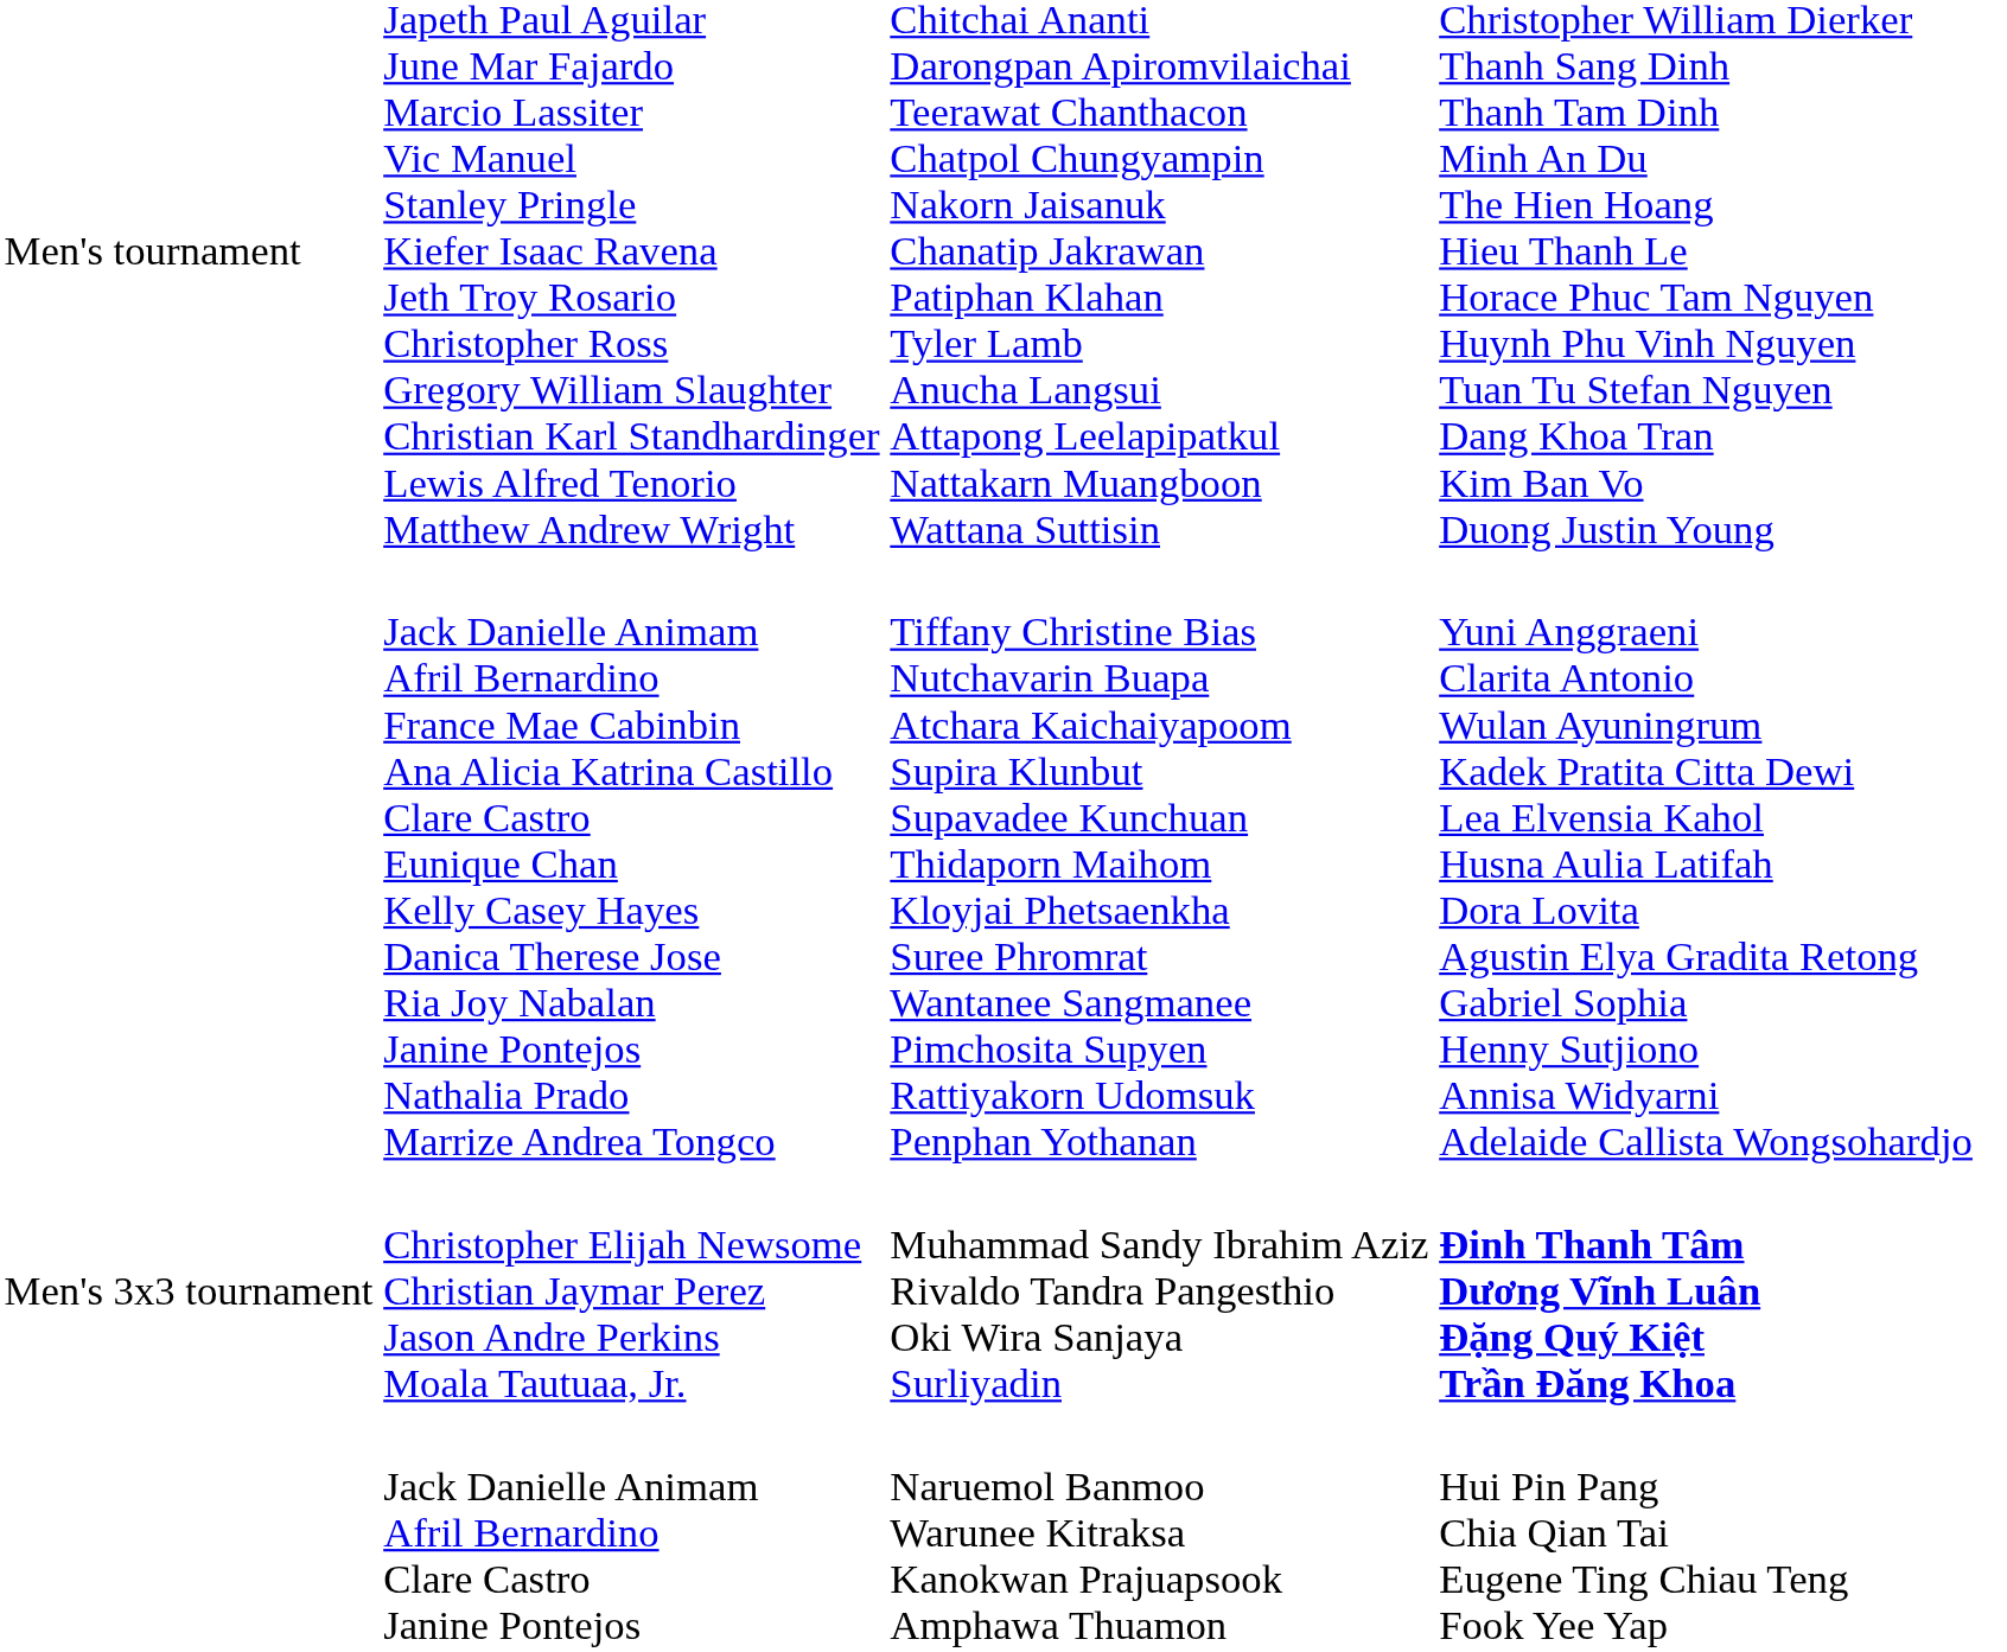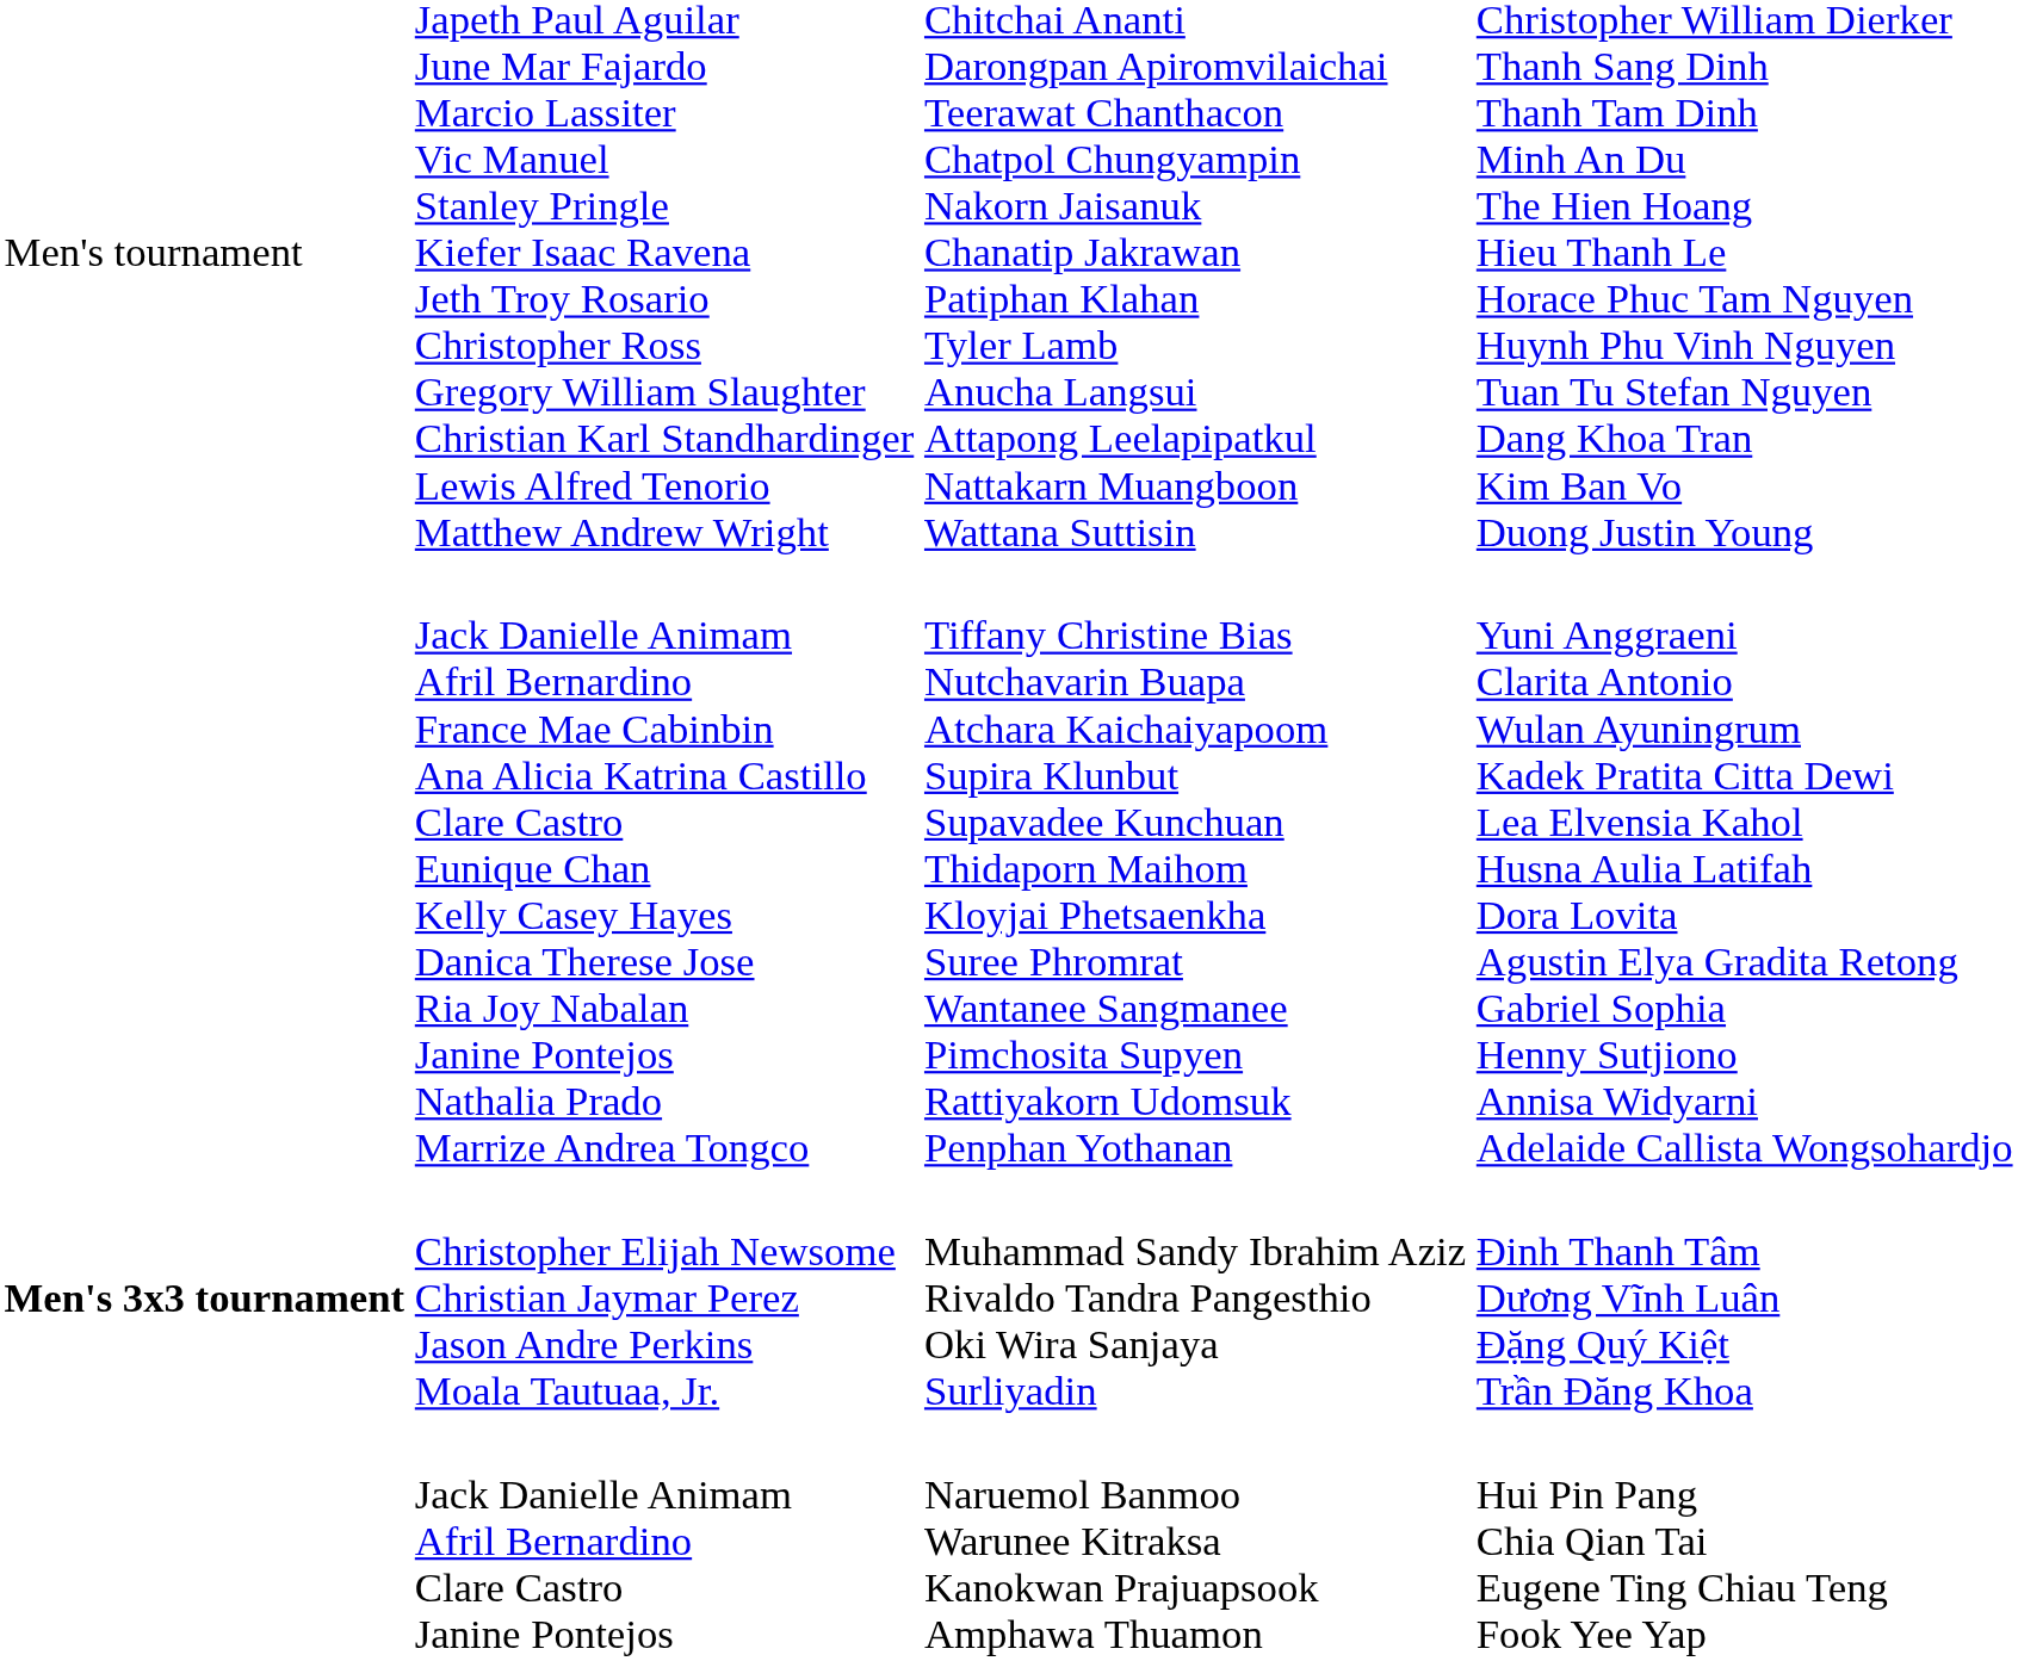 <table>
 <tr>
 <td>Men's tournament<br></td>
 <td nowrap=true> <br> <a href='#'>Japeth Paul Aguilar</a> <br> <a href='#'>June Mar Fajardo</a> <br> <a href='#'>Marcio Lassiter</a> <br> <a href='#'>Vic Manuel</a> <br> <a href='#'>Stanley Pringle</a> <br> <a href='#'>Kiefer Isaac Ravena</a> <br> <a href='#'>Jeth Troy Rosario</a> <br> <a href='#'>Christopher Ross</a> <br> <a href='#'>Gregory William Slaughter</a> <br> <a href='#'>Christian Karl Standhardinger</a> <br> <a href='#'>Lewis Alfred Tenorio</a> <br> <a href='#'>Matthew Andrew Wright</a></td>
 <td nowrap=true> <br> <a href='#'>Chitchai Ananti</a> <br> <a href='#'>Darongpan Apiromvilaichai</a> <br> <a href='#'>Teerawat Chanthacon</a> <br> <a href='#'>Chatpol Chungyampin</a> <br> <a href='#'>Nakorn Jaisanuk</a> <br> <a href='#'>Chanatip Jakrawan</a> <br> <a href='#'>Patiphan Klahan</a> <br> <a href='#'>Tyler Lamb</a> <br> <a href='#'>Anucha Langsui</a> <br> <a href='#'>Attapong Leelapipatkul</a> <br> <a href='#'>Nattakarn Muangboon</a> <br> <a href='#'>Wattana Suttisin</a></td>
 <td nowrap=true> <br> <a href='#'>Christopher William Dierker</a> <br> <a href='#'>Thanh Sang Dinh</a> <br> <a href='#'>Thanh Tam Dinh</a> <br> <a href='#'>Minh An Du</a> <br> <a href='#'>The Hien Hoang</a> <br> <a href='#'>Hieu Thanh Le</a> <br> <a href='#'>Horace Phuc Tam Nguyen</a> <br> <a href='#'>Huynh Phu Vinh Nguyen</a> <br> <a href='#'>Tuan Tu Stefan Nguyen</a> <br> <a href='#'>Dang Khoa Tran</a> <br> <a href='#'>Kim Ban Vo</a> <br> <a href='#'>Duong Justin Young</a></td>
 </tr>
 <tr>
 <td><br></td>
 <td nowrap=true> <br> <a href='#'>Jack Danielle Animam</a> <br> <a href='#'>Afril Bernardino</a> <br> <a href='#'>France Mae Cabinbin</a> <br> <a href='#'>Ana Alicia Katrina Castillo</a> <br> <a href='#'>Clare Castro</a> <br> <a href='#'>Eunique Chan</a> <br> <a href='#'>Kelly Casey Hayes</a> <br> <a href='#'>Danica Therese Jose</a> <br> <a href='#'>Ria Joy Nabalan</a> <br> <a href='#'>Janine Pontejos</a> <br> <a href='#'>Nathalia Prado</a> <br> <a href='#'>Marrize Andrea Tongco</a></td>
 <td nowrap=true> <br> <a href='#'>Tiffany Christine Bias</a> <br> <a href='#'>Nutchavarin Buapa</a> <br> <a href='#'>Atchara Kaichaiyapoom</a> <br> <a href='#'>Supira Klunbut</a> <br> <a href='#'>Supavadee Kunchuan</a> <br> <a href='#'>Thidaporn Maihom</a> <br> <a href='#'>Kloyjai Phetsaenkha</a> <br> <a href='#'>Suree Phromrat</a> <br> <a href='#'>Wantanee Sangmanee</a> <br> <a href='#'>Pimchosita Supyen</a> <br> <a href='#'>Rattiyakorn Udomsuk</a> <br> <a href='#'>Penphan Yothanan</a></td>
 <td nowrap=true> <br> <a href='#'>Yuni Anggraeni</a> <br> <a href='#'>Clarita Antonio</a> <br> <a href='#'>Wulan Ayuningrum</a> <br> <a href='#'>Kadek Pratita Citta Dewi</a> <br> <a href='#'>Lea Elvensia Kahol</a> <br> <a href='#'>Husna Aulia Latifah</a> <br> <a href='#'>Dora Lovita</a> <br> <a href='#'>Agustin Elya Gradita Retong</a> <br> <a href='#'>Gabriel Sophia</a> <br> <a href='#'>Henny Sutjiono</a> <br> <a href='#'>Annisa Widyarni</a> <br> <a href='#'>Adelaide Callista Wongsohardjo</a></td>
 </tr>
 <tr>
-<td>Men's 3x3 tournament<br></td>
+<td><strong>Men's 3x3 tournament<br></strong></td>
 <td nowrap=true><br><a href='#'>Christopher Elijah Newsome</a><br><a href='#'>Christian Jaymar Perez</a><br><a href='#'>Jason Andre Perkins</a><br><a href='#'>Moala Tautuaa, Jr.</a></td>
 <td nowrap=true><br>Muhammad Sandy Ibrahim Aziz<br>Rivaldo Tandra Pangesthio<br>Oki Wira Sanjaya<br><a href='#'>Surliyadin</a></td>
-<td nowrap=true><strong><br><a href='#'>Đinh Thanh Tâm</a><br><a href='#'>Dương Vĩnh Luân</a><br><a href='#'>Đặng Quý Kiệt</a><br><a href='#'>Trần Đăng Khoa</a></strong></td>
+<td nowrap=true><br><a href='#'>Đinh Thanh Tâm</a><br><a href='#'>Dương Vĩnh Luân</a><br><a href='#'>Đặng Quý Kiệt</a><br><a href='#'>Trần Đăng Khoa</a></td>
 </tr>
 <tr>
 <td><br></td>
 <td nowrap=true><br>Jack Danielle Animam<br><a href='#'>Afril Bernardino</a><br>Clare Castro<br>Janine Pontejos</td>
 <td nowrap=true><br>Naruemol Banmoo<br>Warunee Kitraksa<br>Kanokwan Prajuapsook<br>Amphawa Thuamon</td>
 <td nowrap=true><br>Hui Pin Pang<br>Chia Qian Tai<br>Eugene Ting Chiau Teng<br>Fook Yee Yap</td>
 </tr>
 </table>
